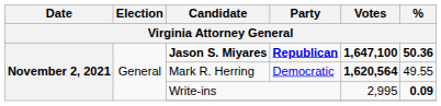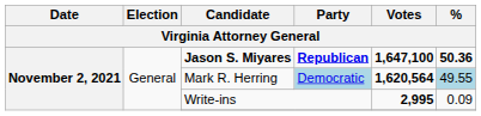 <table class="wikitable">
 <tr>
 <th>Date</th>
 <th>Election</th>
 <th>Candidate</th>
 <th>Party</th>
 <th>Votes</th>
 <th>%</th>
 </tr>
 <tr>
 <th colspan="6">Virginia Attorney General</th>
 </tr>
 <tr>
 <th rowspan="4">November 2, 2021</th>
 <td rowspan="4" align="center">General</td>
 <td><strong>Jason S. Miyares</strong></td>
 <td><strong><a href='#'>Republican</a></strong></td>
 <td align="right"><strong>1,647,100</strong></td>
 <td align="right"><strong>50.36</strong></td>
 </tr>
 <tr>
 <td>Mark R. Herring</td>
-<td><a href='#'>Democratic</a></td>
+<td style="background: lightblue;"><a href='#'>Democratic</a></td>
 <td align="right"><strong>1,620,564</strong></td>
-<td align="right">49.55</td>
+<td align="right" style="background: lightblue;">49.55</td>
 </tr>
 <tr>
 <td colspan="2">Write-ins</td>
-<td align="right">2,995</td>
-<td align="right"><strong>0.09</strong></td>
+<td align="right"><strong>2,995</strong></td>
+<td align="right">0.09</td>
 </tr>
 <tr>
 </tr>
 </table>
